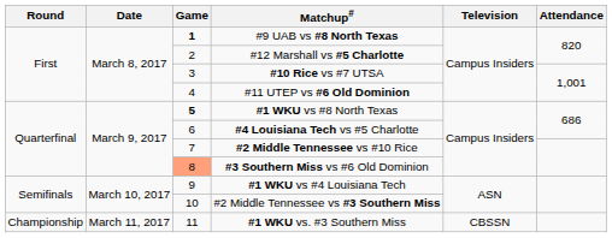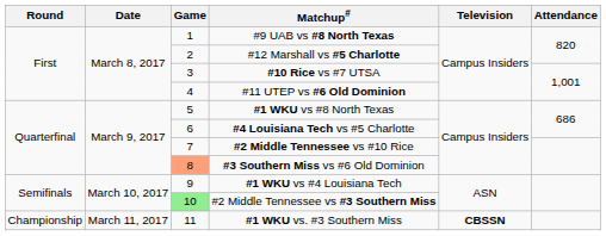 <table class="wikitable sortable" style="text-align:center">
 <tr>
 <th class="unsortable">Round</th>
 <th>Date</th>
 <th>Game</th>
 <th>Matchup<sup>#</sup></th>
 <th>Television</th>
 <th>Attendance</th>
 </tr>
 <tr>
 <td rowspan=4>First</td>
 <td rowspan=4>March 8, 2017</td>
-<td><strong>1</strong></td>
+<td>1</td>
 <td>#9 UAB vs <strong>#8 North Texas</strong></td>
 <td rowspan=4>Campus Insiders</td>
 <td rowspan=2>820</td>
 </tr>
 <tr>
 <td>2</td>
 <td>#12 Marshall vs <strong>#5 Charlotte</strong></td>
 </tr>
 <tr>
 <td>3</td>
 <td><strong>#10 Rice</strong> vs #7 UTSA</td>
 <td rowspan=2>1,001</td>
 </tr>
 <tr>
 <td>4</td>
 <td>#11 UTEP vs <strong>#6 Old Dominion</strong></td>
 </tr>
 <tr>
 <td rowspan=4>Quarterfinal</td>
 <td rowspan=4>March 9, 2017</td>
-<td><strong>5</strong></td>
+<td>5</td>
 <td><strong>#1 WKU</strong> vs #8 North Texas</td>
 <td rowspan=4>Campus Insiders</td>
 <td rowspan=2>686</td>
 </tr>
 <tr>
 <td>6</td>
 <td><strong>#4 Louisiana Tech</strong> vs #5 Charlotte</td>
 </tr>
 <tr>
 <td>7</td>
 <td><strong>#2 Middle Tennessee</strong> vs #10 Rice</td>
 <td rowspan=2></td>
 </tr>
 <tr>
 <td style="background: lightsalmon;">8</td>
 <td><strong>#3 Southern Miss</strong> vs #6 Old Dominion</td>
 </tr>
 <tr>
 <td rowspan=2>Semifinals</td>
 <td rowspan=2>March 10, 2017</td>
 <td>9</td>
 <td><strong>#1 WKU</strong> vs #4 Louisiana Tech</td>
 <td rowspan=2>ASN</td>
 <td rowspan=2></td>
 </tr>
 <tr>
-<td>10</td>
+<td style="background: lightgreen;">10</td>
 <td>#2 Middle Tennessee vs <strong>#3 Southern Miss</strong></td>
 </tr>
 <tr>
 <td>Championship</td>
 <td>March 11, 2017</td>
 <td>11</td>
 <td><strong>#1 WKU</strong> vs. #3 Southern Miss</td>
-<td>CBSSN</td>
+<td><strong>CBSSN</strong></td>
 <td></td>
 </tr>
 </table>
